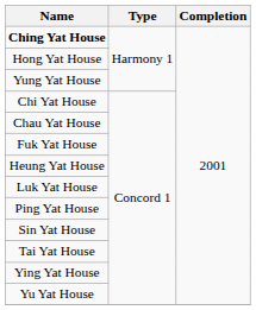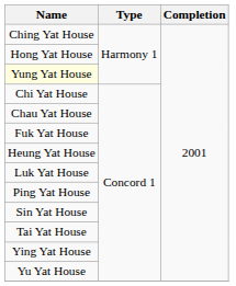 <table class="wikitable" style="text-align: center">
 <tr>
 <th>Name</th>
 <th>Type</th>
 <th>Completion</th>
 </tr>
 <tr>
-<td><strong>Ching Yat House</strong></td>
+<td>Ching Yat House</td>
 <td rowspan="3">Harmony 1</td>
 <td rowspan="13">2001</td>
 </tr>
 <tr>
 <td>Hong Yat House</td>
 </tr>
 <tr>
-<td>Yung Yat House</td>
+<td style="background: lightyellow;">Yung Yat House</td>
 </tr>
 <tr>
 <td>Chi Yat House</td>
 <td rowspan="10">Concord 1</td>
 </tr>
 <tr>
 <td>Chau Yat House</td>
 </tr>
 <tr>
 <td>Fuk Yat House</td>
 </tr>
 <tr>
 <td>Heung Yat House</td>
 </tr>
 <tr>
 <td>Luk Yat House</td>
 </tr>
 <tr>
 <td>Ping Yat House</td>
 </tr>
 <tr>
 <td>Sin Yat House</td>
 </tr>
 <tr>
 <td>Tai Yat House</td>
 </tr>
 <tr>
 <td>Ying Yat House</td>
 </tr>
 <tr>
 <td>Yu Yat House</td>
 </tr>
 <tr>
 </tr>
 </table>
